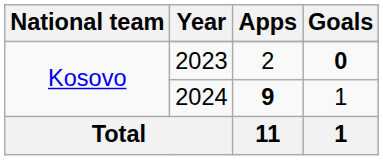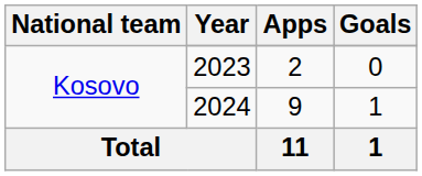 <table class="wikitable" style="text-align:center">
 <tr>
 <th>National team</th>
 <th>Year</th>
 <th>Apps</th>
 <th>Goals</th>
 </tr>
 <tr>
 <td rowspan="3"><a href='#'>Kosovo</a></td>
 </tr>
 <tr>
 <td>2023</td>
 <td>2</td>
-<td><strong>0</strong></td>
+<td>0</td>
 </tr>
 <tr>
 <td>2024</td>
-<td><strong>9</strong></td>
+<td>9</td>
 <td>1</td>
 </tr>
 <tr>
 <th colspan=2>Total</th>
 <th>11</th>
 <th>1</th>
 </tr>
 </table>
